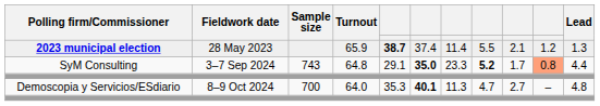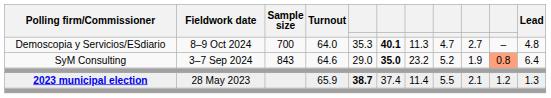 <table class="wikitable collapsible collapsed" style="text-align:center; font-size:95%; line-height:16px;">
 <tr style="height:42px;">
 <th style="width:250px;" rowspan="2">Polling firm/Commissioner</th>
 <th style="width:125px;" rowspan="2">Fieldwork date</th>
 <th style="width:50px;" rowspan="2">Sample size</th>
 <th style="width:45px;" rowspan="2">Turnout</th>
 <th style="width:35px;"></th>
 <th style="width:35px;"></th>
 <th style="width:35px;"></th>
 <th style="width:35px;"></th>
 <th style="width:35px;"></th>
 <th style="width:35px;"></th>
 <th style="width:30px;" rowspan="2">Lead</th>
 </tr>
 <tr>
 <th style="color:inherit;background:"></th>
 <th style="color:inherit;background:"></th>
 <th style="color:inherit;background:"></th>
 <th style="color:inherit;background:"></th>
 <th style="color:inherit;background:"></th>
 <th style="color:inherit;background:"></th>
 </tr>
+<tr>
+<td>Demoscopia y Servicios/ESdiario</td>
+<td>8–9 Oct 2024</td>
+<td>700</td>
+<td>64.0</td>
+<td>35.3<br></td>
+<td><strong>40.1</strong><br></td>
+<td>11.3<br></td>
+<td>4.7<br></td>
+<td>2.7<br></td>
+<td>–</td>
+<td style="background:">4.8</td>
+</tr>
+<tr>
+<td>SyM Consulting</td>
+<td>3–7 Sep 2024</td>
+<td>843</td>
+<td>64.6</td>
+<td>29.0<br></td>
+<td><strong>35.0</strong><br></td>
+<td>23.2<br></td>
+<td>5.2<br></td>
+<td>1.9<br></td>
+<td style="background: lightsalmon;">0.8<br></td>
+<td style="background:">6.4</td>
+</tr>
+<tr>
+<td colspan="11" style="background:#A0A0A0"></td>
+</tr>
 <tr style="background:#EFEFEF;">
 <td><strong><a href='#'>2023 municipal election</a></strong></td>
 <td>28 May 2023</td>
 <td></td>
 <td>65.9</td>
 <td><strong>38.7</strong><br></td>
 <td>37.4<br></td>
 <td>11.4<br></td>
 <td>5.5<br></td>
 <td>2.1<br></td>
 <td>1.2<br></td>
 <td style="background:">1.3</td>
 </tr>
 <tr>
-<td>SyM Consulting</td>
-<td>3–7 Sep 2024</td>
-<td>743</td>
-<td>64.8</td>
-<td>29.1<br></td>
-<td><strong>35.0</strong><br></td>
-<td>23.3<br></td>
-<td><strong>5.2<br></strong></td>
-<td>1.7<br></td>
-<td style="background: lightsalmon;">0.8<br></td>
-<td style="background:">4.4</td>
-</tr>
-<tr>
-<td colspan="11" style="background:#A0A0A0"></td>
-</tr>
-<tr>
-<td>Demoscopia y Servicios/ESdiario</td>
-<td>8–9 Oct 2024</td>
-<td>700</td>
-<td>64.0</td>
-<td>35.3<br></td>
-<td><strong>40.1</strong><br></td>
-<td>11.3<br></td>
-<td>4.7<br></td>
-<td>2.7<br></td>
-<td>–</td>
-<td style="background:">4.8</td>
-</tr>
-<tr>
 <td colspan="11" style="background:#A0A0A0"></td>
 </tr>
 </table>
